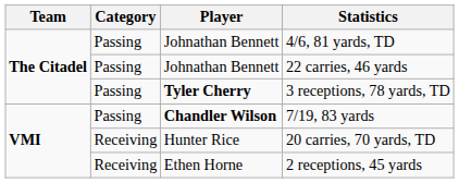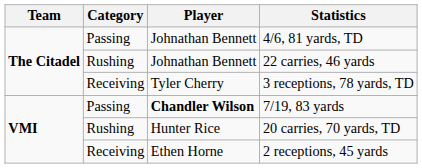 <table class="wikitable" style="float: right;">
 <tr>
 <th>Team</th>
 <th>Category</th>
 <th>Player</th>
 <th>Statistics</th>
 </tr>
 <tr>
 <td rowspan=3><strong>The Citadel</strong></td>
 <td>Passing</td>
 <td>Johnathan Bennett</td>
 <td>4/6, 81 yards, TD</td>
 </tr>
 <tr>
-<td>Passing</td>
+<td>Rushing</td>
 <td>Johnathan Bennett</td>
 <td>22 carries, 46 yards</td>
 </tr>
 <tr>
-<td>Passing</td>
-<td><strong>Tyler Cherry</strong></td>
+<td>Receiving</td>
+<td>Tyler Cherry</td>
 <td>3 receptions, 78 yards, TD</td>
 </tr>
 <tr>
 <td rowspan=3><strong>VMI</strong></td>
 <td>Passing</td>
 <td><strong>Chandler Wilson</strong></td>
 <td>7/19, 83 yards</td>
 </tr>
 <tr>
-<td>Receiving</td>
+<td>Rushing</td>
 <td>Hunter Rice</td>
 <td>20 carries, 70 yards, TD</td>
 </tr>
 <tr>
 <td>Receiving</td>
 <td>Ethen Horne</td>
 <td>2 receptions, 45 yards</td>
 </tr>
 </table>
